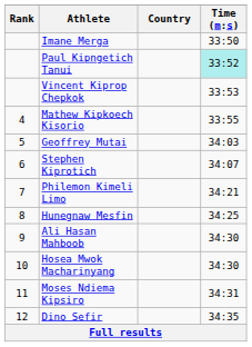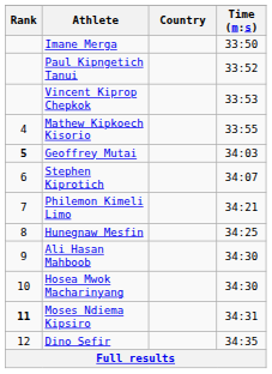 <table class="wikitable" width=50%>
 <tr>
 </tr>
 <tr>
 <th width=5%>Rank</th>
 <th width=20%>Athlete</th>
 <th width=15%>Country</th>
 <th width=10%>Time (<a href='#'>m</a>:<a href='#'>s</a>)</th>
 </tr>
 <tr align="center">
 <td></td>
 <td align="left"><a href='#'>Imane Merga</a></td>
 <td align="left"></td>
 <td>33:50</td>
 </tr>
 <tr align="center">
 <td></td>
 <td align="left"><a href='#'>Paul Kipngetich Tanui</a></td>
 <td align="left"></td>
-<td style="background: paleturquoise;">33:52</td>
+<td>33:52</td>
 </tr>
 <tr align="center">
 <td></td>
 <td align="left"><a href='#'>Vincent Kiprop Chepkok</a></td>
 <td align="left"></td>
 <td>33:53</td>
 </tr>
 <tr align="center">
 <td>4</td>
 <td align="left"><a href='#'>Mathew Kipkoech Kisorio</a></td>
 <td align="left"></td>
 <td>33:55</td>
 </tr>
 <tr align="center">
-<td>5</td>
+<td><strong>5</strong></td>
 <td align="left"><a href='#'>Geoffrey Mutai</a></td>
 <td align="left"></td>
 <td>34:03</td>
 </tr>
 <tr align="center">
 <td>6</td>
 <td align="left"><a href='#'>Stephen Kiprotich</a></td>
 <td align="left"></td>
 <td>34:07</td>
 </tr>
 <tr align="center">
 <td>7</td>
 <td align="left"><a href='#'>Philemon Kimeli Limo</a></td>
 <td align="left"></td>
 <td>34:21</td>
 </tr>
 <tr align="center">
 <td>8</td>
 <td align="left"><a href='#'>Hunegnaw Mesfin</a></td>
 <td align="left"></td>
 <td>34:25</td>
 </tr>
 <tr align="center">
 <td>9</td>
 <td align="left"><a href='#'>Ali Hasan Mahboob</a></td>
 <td align="left"></td>
 <td>34:30</td>
 </tr>
 <tr align="center">
 <td>10</td>
 <td align="left"><a href='#'>Hosea Mwok Macharinyang</a></td>
 <td align="left"></td>
 <td>34:30</td>
 </tr>
 <tr align="center">
-<td>11</td>
+<td><strong>11</strong></td>
 <td align="left"><a href='#'>Moses Ndiema Kipsiro</a></td>
 <td align="left"></td>
 <td>34:31</td>
 </tr>
 <tr align="center">
 <td>12</td>
 <td align="left"><a href='#'>Dino Sefir</a></td>
 <td align="left"></td>
 <td>34:35</td>
 </tr>
 <tr class="sortbottom">
 <th colspan=4 align=center><a href='#'>Full results</a></th>
 </tr>
 </table>
